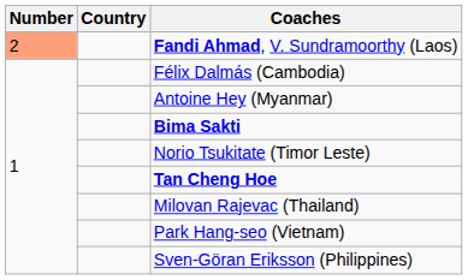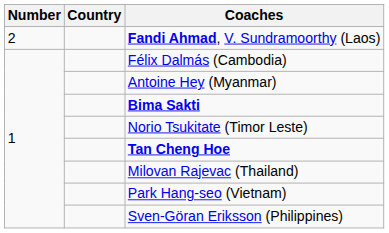 <table class="wikitable">
 <tr>
 <th>Number</th>
 <th>Country</th>
 <th>Coaches</th>
 </tr>
 <tr>
-<td style="background: lightsalmon;">2</td>
+<td>2</td>
 <td></td>
 <td><strong><a href='#'>Fandi Ahmad</a></strong>, <a href='#'>V. Sundramoorthy</a> (Laos)</td>
 </tr>
 <tr>
 <td rowspan="8">1</td>
 <td></td>
 <td><a href='#'>Félix Dalmás</a> (Cambodia)</td>
 </tr>
 <tr>
 <td></td>
 <td><a href='#'>Antoine Hey</a> (Myanmar)</td>
 </tr>
 <tr>
 <td></td>
 <td><strong><a href='#'>Bima Sakti</a></strong></td>
 </tr>
 <tr>
 <td></td>
 <td><a href='#'>Norio Tsukitate</a> (Timor Leste)</td>
 </tr>
 <tr>
 <td></td>
 <td><strong><a href='#'>Tan Cheng Hoe</a></strong></td>
 </tr>
 <tr>
 <td></td>
 <td><a href='#'>Milovan Rajevac</a> (Thailand)</td>
 </tr>
 <tr>
 <td></td>
 <td><a href='#'>Park Hang-seo</a> (Vietnam)</td>
 </tr>
 <tr>
 <td></td>
 <td><a href='#'>Sven-Göran Eriksson</a> (Philippines)</td>
 </tr>
 </table>
